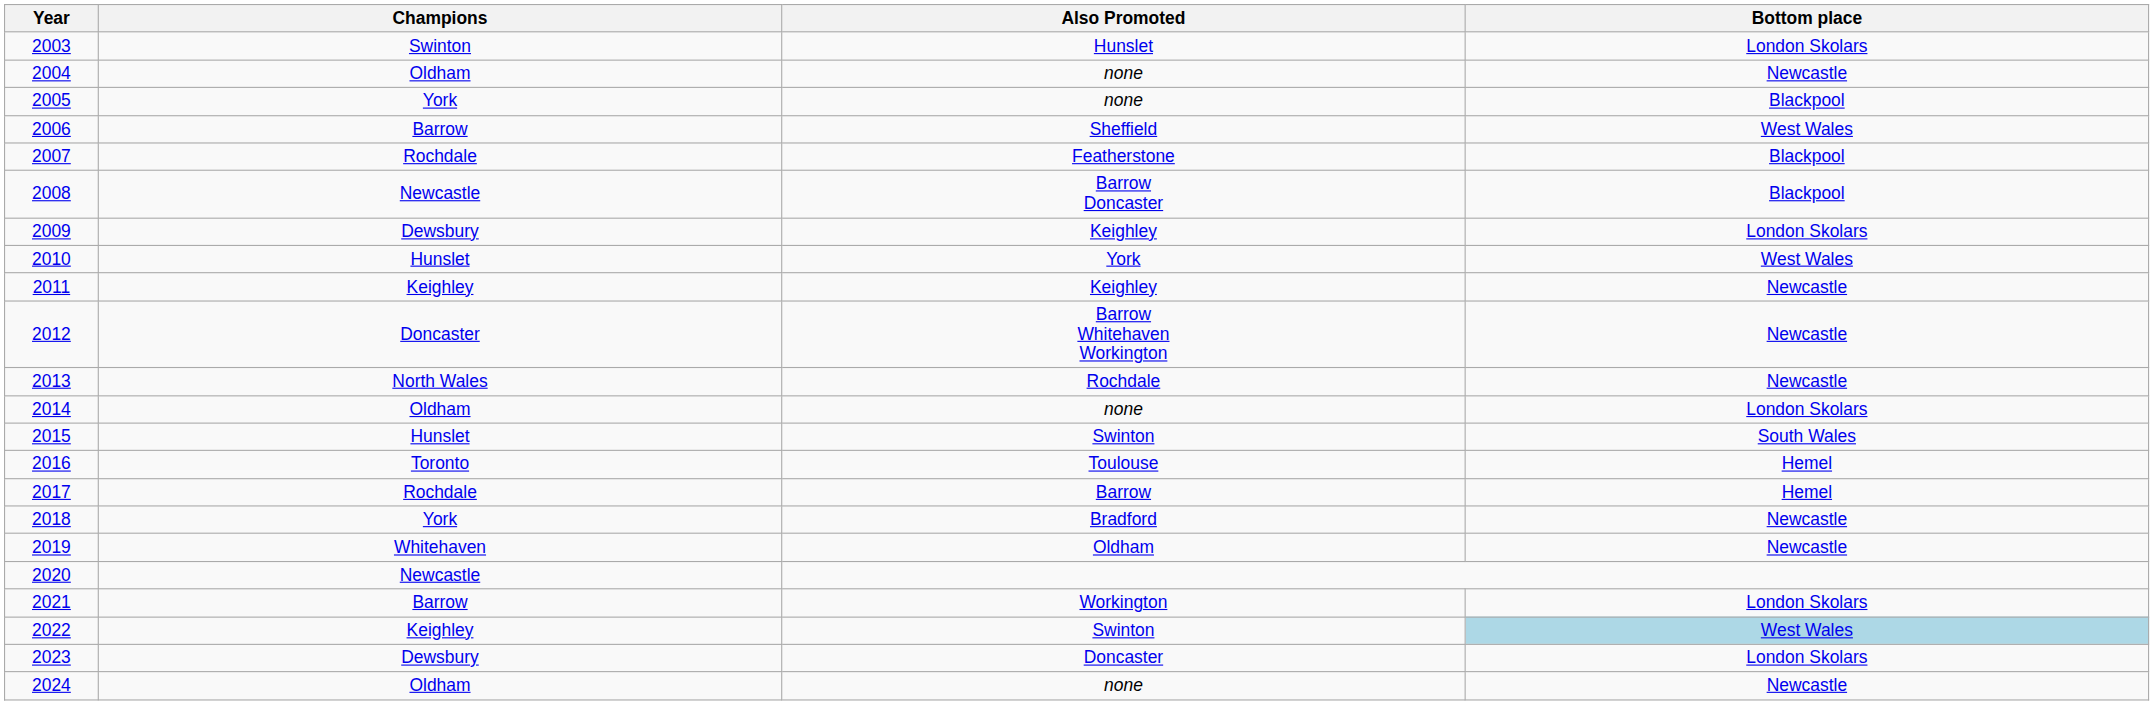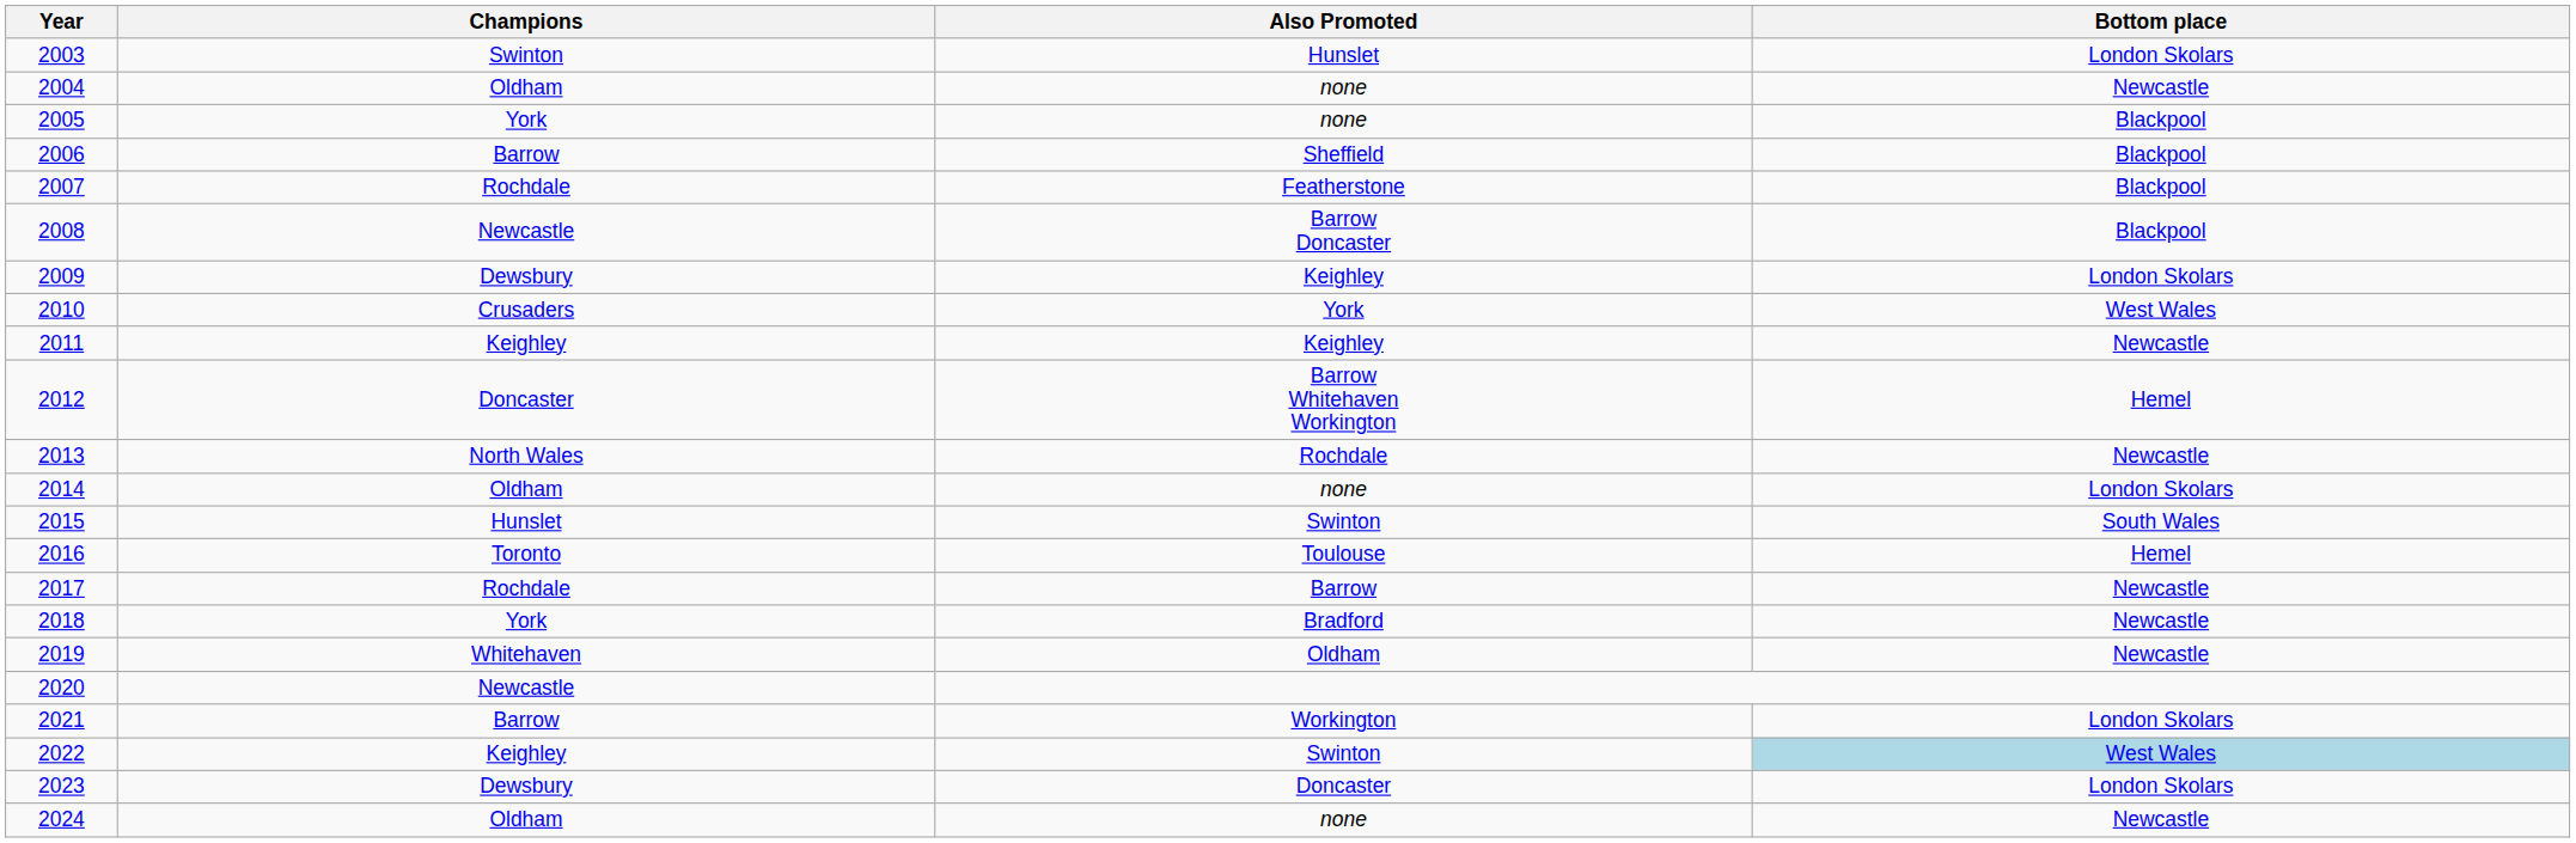 <table class="wikitable" style="text-align: center;">
 <tr>
 <th width=1%>Year</th>
 <th width=10%>Champions</th>
 <th width=10%>Also Promoted</th>
 <th width=10%>Bottom place</th>
 </tr>
 <tr>
 <td><a href='#'>2003</a></td>
 <td> <a href='#'>Swinton</a></td>
 <td> <a href='#'>Hunslet</a><br></td>
 <td> <a href='#'>London Skolars</a></td>
 </tr>
 <tr>
 <td><a href='#'>2004</a></td>
 <td> <a href='#'>Oldham</a></td>
 <td><em>none</em></td>
 <td> <a href='#'>Newcastle</a></td>
 </tr>
 <tr>
 <td><a href='#'>2005</a></td>
 <td> <a href='#'>York</a></td>
 <td><em>none</em></td>
 <td> <a href='#'>Blackpool</a></td>
 </tr>
 <tr>
 <td><a href='#'>2006</a></td>
 <td> <a href='#'>Barrow</a></td>
 <td> <a href='#'>Sheffield</a></td>
-<td> <a href='#'>West Wales</a></td>
+<td> <a href='#'>Blackpool</a></td>
 </tr>
 <tr>
 <td><a href='#'>2007</a></td>
 <td> <a href='#'>Rochdale</a></td>
 <td> <a href='#'>Featherstone</a></td>
 <td> <a href='#'>Blackpool</a></td>
 </tr>
 <tr>
 <td><a href='#'>2008</a></td>
 <td> <a href='#'>Newcastle</a></td>
 <td> <a href='#'>Barrow</a><br> <a href='#'>Doncaster</a></td>
 <td> <a href='#'>Blackpool</a></td>
 </tr>
 <tr>
 <td><a href='#'>2009</a></td>
 <td> <a href='#'>Dewsbury</a></td>
 <td> <a href='#'>Keighley</a></td>
 <td> <a href='#'>London Skolars</a></td>
 </tr>
 <tr>
 <td><a href='#'>2010</a></td>
-<td> <a href='#'>Hunslet</a></td>
+<td> <a href='#'>Crusaders</a></td>
 <td> <a href='#'>York</a></td>
 <td> <a href='#'>West Wales</a></td>
 </tr>
 <tr>
 <td><a href='#'>2011</a></td>
 <td> <a href='#'>Keighley</a></td>
 <td> <a href='#'>Keighley</a></td>
 <td> <a href='#'>Newcastle</a></td>
 </tr>
 <tr>
 <td><a href='#'>2012</a></td>
 <td> <a href='#'>Doncaster</a></td>
 <td> <a href='#'>Barrow</a><br> <a href='#'>Whitehaven</a><br> <a href='#'>Workington</a></td>
-<td> <a href='#'>Newcastle</a></td>
+<td> <a href='#'>Hemel</a></td>
 </tr>
 <tr>
 <td><a href='#'>2013</a></td>
 <td> <a href='#'>North Wales</a></td>
 <td> <a href='#'>Rochdale</a></td>
 <td> <a href='#'>Newcastle</a></td>
 </tr>
 <tr>
 <td><a href='#'>2014</a></td>
 <td> <a href='#'>Oldham</a></td>
 <td><em>none</em></td>
 <td> <a href='#'>London Skolars</a></td>
 </tr>
 <tr>
 <td><a href='#'>2015</a></td>
 <td> <a href='#'>Hunslet</a></td>
 <td> <a href='#'>Swinton</a></td>
 <td> <a href='#'>South Wales</a></td>
 </tr>
 <tr>
 <td><a href='#'>2016</a></td>
 <td> <a href='#'>Toronto</a></td>
 <td> <a href='#'>Toulouse</a></td>
 <td> <a href='#'>Hemel</a></td>
 </tr>
 <tr>
 <td><a href='#'>2017</a></td>
 <td> <a href='#'>Rochdale</a></td>
 <td> <a href='#'>Barrow</a></td>
-<td> <a href='#'>Hemel</a></td>
+<td> <a href='#'>Newcastle</a></td>
 </tr>
 <tr>
 <td><a href='#'>2018</a></td>
 <td> <a href='#'>York</a></td>
 <td> <a href='#'>Bradford</a></td>
 <td> <a href='#'>Newcastle</a></td>
 </tr>
 <tr>
 <td><a href='#'>2019</a></td>
 <td> <a href='#'>Whitehaven</a></td>
 <td> <a href='#'>Oldham</a></td>
 <td> <a href='#'>Newcastle</a></td>
 </tr>
 <tr>
 <td><a href='#'>2020</a></td>
 <td> <a href='#'>Newcastle</a></td>
 </tr>
 <tr>
 <td><a href='#'>2021</a></td>
 <td> <a href='#'>Barrow</a></td>
 <td> <a href='#'>Workington</a></td>
 <td> <a href='#'>London Skolars</a></td>
 </tr>
 <tr>
 <td><a href='#'>2022</a></td>
 <td> <a href='#'>Keighley</a></td>
 <td> <a href='#'>Swinton</a></td>
 <td style="background: lightblue;"> <a href='#'>West Wales</a></td>
 </tr>
 <tr>
 <td><a href='#'>2023</a></td>
 <td> <a href='#'>Dewsbury</a></td>
 <td> <a href='#'>Doncaster</a></td>
 <td> <a href='#'>London Skolars</a></td>
 </tr>
 <tr>
 <td><a href='#'>2024</a></td>
 <td> <a href='#'>Oldham</a></td>
 <td><em>none</em></td>
 <td> <a href='#'>Newcastle</a></td>
 </tr>
 </table>
